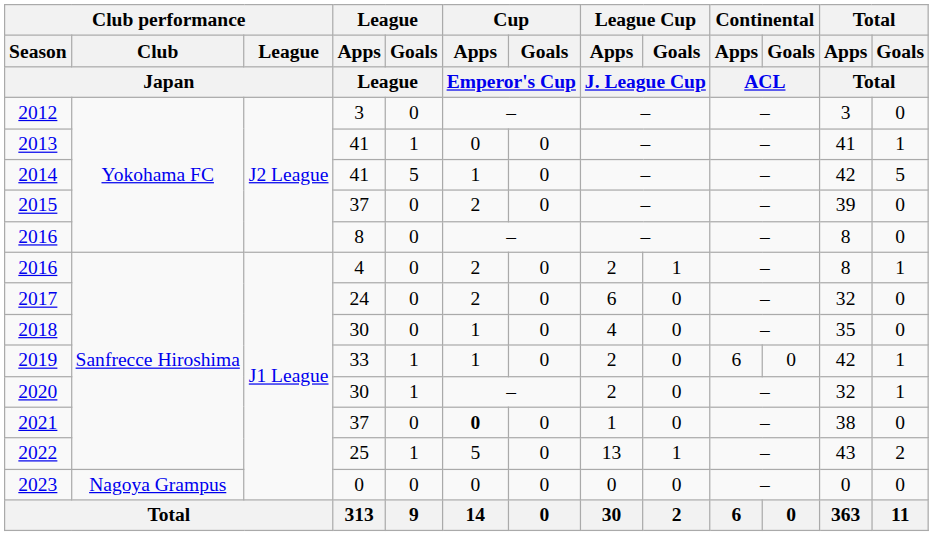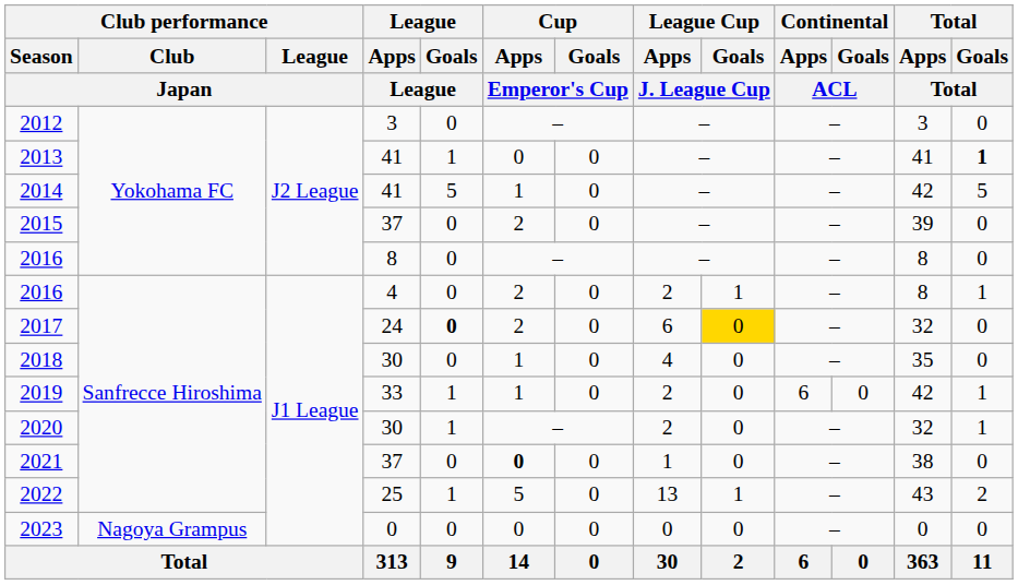 <table class="wikitable" style="text-align:center;">
 <tr>
 <th colspan=3>Club performance</th>
 <th colspan=2>League</th>
 <th colspan=2>Cup</th>
 <th colspan=2>League Cup</th>
 <th colspan=2>Continental</th>
 <th colspan=2>Total</th>
 </tr>
 <tr>
 <th>Season</th>
 <th>Club</th>
 <th>League</th>
 <th>Apps</th>
 <th>Goals</th>
 <th>Apps</th>
 <th>Goals</th>
 <th>Apps</th>
 <th>Goals</th>
 <th>Apps</th>
 <th>Goals</th>
 <th>Apps</th>
 <th>Goals</th>
 </tr>
 <tr>
 <th colspan=3>Japan</th>
 <th colspan=2>League</th>
 <th colspan=2><a href='#'>Emperor's Cup</a></th>
 <th colspan=2><a href='#'>J. League Cup</a></th>
 <th colspan=2><a href='#'>ACL</a></th>
 <th colspan=2>Total</th>
 </tr>
 <tr>
 <td><a href='#'>2012</a></td>
 <td rowspan="5"><a href='#'>Yokohama FC</a></td>
 <td rowspan="5"><a href='#'>J2 League</a></td>
 <td>3</td>
 <td>0</td>
 <td colspan="2">–</td>
 <td colspan="2">–</td>
 <td colspan="2">–</td>
 <td>3</td>
 <td>0</td>
 </tr>
 <tr>
 <td><a href='#'>2013</a></td>
 <td>41</td>
 <td>1</td>
 <td>0</td>
 <td>0</td>
 <td colspan="2">–</td>
 <td colspan="2">–</td>
 <td>41</td>
-<td>1</td>
+<td><strong>1</strong></td>
 </tr>
 <tr>
 <td><a href='#'>2014</a></td>
 <td>41</td>
 <td>5</td>
 <td>1</td>
 <td>0</td>
 <td colspan="2">–</td>
 <td colspan="2">–</td>
 <td>42</td>
 <td>5</td>
 </tr>
 <tr>
 <td><a href='#'>2015</a></td>
 <td>37</td>
 <td>0</td>
 <td>2</td>
 <td>0</td>
 <td colspan="2">–</td>
 <td colspan="2">–</td>
 <td>39</td>
 <td>0</td>
 </tr>
 <tr>
 <td><a href='#'>2016</a></td>
 <td>8</td>
 <td>0</td>
 <td colspan="2">–</td>
 <td colspan="2">–</td>
 <td colspan="2">–</td>
 <td>8</td>
 <td>0</td>
 </tr>
 <tr>
 <td><a href='#'>2016</a></td>
 <td rowspan="7"><a href='#'>Sanfrecce Hiroshima</a></td>
 <td rowspan="8"><a href='#'>J1 League</a></td>
 <td>4</td>
 <td>0</td>
 <td>2</td>
 <td>0</td>
 <td>2</td>
 <td>1</td>
 <td colspan="2">–</td>
 <td>8</td>
 <td>1</td>
 </tr>
 <tr>
 <td><a href='#'>2017</a></td>
 <td>24</td>
-<td>0</td>
+<td><strong>0</strong></td>
 <td>2</td>
 <td>0</td>
 <td>6</td>
-<td>0</td>
+<td style="background: gold;">0</td>
 <td colspan="2">–</td>
 <td>32</td>
 <td>0</td>
 </tr>
 <tr>
 <td><a href='#'>2018</a></td>
 <td>30</td>
 <td>0</td>
 <td>1</td>
 <td>0</td>
 <td>4</td>
 <td>0</td>
 <td colspan="2">–</td>
 <td>35</td>
 <td>0</td>
 </tr>
 <tr>
 <td><a href='#'>2019</a></td>
 <td>33</td>
 <td>1</td>
 <td>1</td>
 <td>0</td>
 <td>2</td>
 <td>0</td>
 <td>6</td>
 <td>0</td>
 <td>42</td>
 <td>1</td>
 </tr>
 <tr>
 <td><a href='#'>2020</a></td>
 <td>30</td>
 <td>1</td>
 <td colspan="2">–</td>
 <td>2</td>
 <td>0</td>
 <td colspan="2">–</td>
 <td>32</td>
 <td>1</td>
 </tr>
 <tr>
 <td><a href='#'>2021</a></td>
 <td>37</td>
 <td>0</td>
 <td><strong>0</strong></td>
 <td>0</td>
 <td>1</td>
 <td>0</td>
 <td colspan="2">–</td>
 <td>38</td>
 <td>0</td>
 </tr>
 <tr>
 <td><a href='#'>2022</a></td>
 <td>25</td>
 <td>1</td>
 <td>5</td>
 <td>0</td>
 <td>13</td>
 <td>1</td>
 <td colspan="2">–</td>
 <td>43</td>
 <td>2</td>
 </tr>
 <tr>
 <td><a href='#'>2023</a></td>
 <td><a href='#'>Nagoya Grampus</a></td>
 <td>0</td>
 <td>0</td>
 <td>0</td>
 <td>0</td>
 <td>0</td>
 <td>0</td>
 <td colspan="2">–</td>
 <td>0</td>
 <td>0</td>
 </tr>
 <tr>
 <th colspan=3>Total</th>
 <th>313</th>
 <th>9</th>
 <th>14</th>
 <th>0</th>
 <th>30</th>
 <th>2</th>
 <th>6</th>
 <th>0</th>
 <th>363</th>
 <th>11</th>
 </tr>
 </table>
